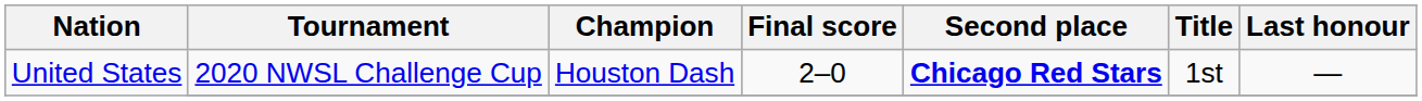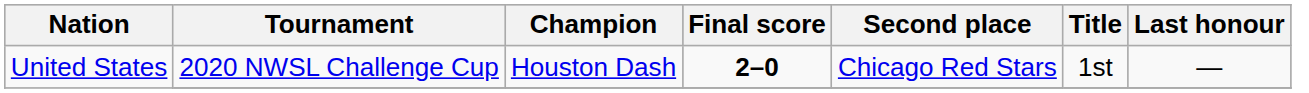 <table class="wikitable" style="text-align:center;">
 <tr>
 <th>Nation</th>
 <th>Tournament</th>
 <th>Champion</th>
 <th>Final score</th>
 <th>Second place</th>
 <th data-sort-type="number">Title</th>
 <th>Last honour</th>
 </tr>
 <tr>
 <td rowspan="2"> <a href='#'>United States</a></td>
 <td><a href='#'>2020 NWSL Challenge Cup</a></td>
 <td><a href='#'>Houston Dash</a></td>
-<td>2–0</td>
-<td><strong><a href='#'>Chicago Red Stars</a></strong></td>
+<td><strong>2–0</strong></td>
+<td><a href='#'>Chicago Red Stars</a></td>
 <td>1st</td>
 <td>—</td>
 </tr>
 <tr>
 </tr>
 </table>
